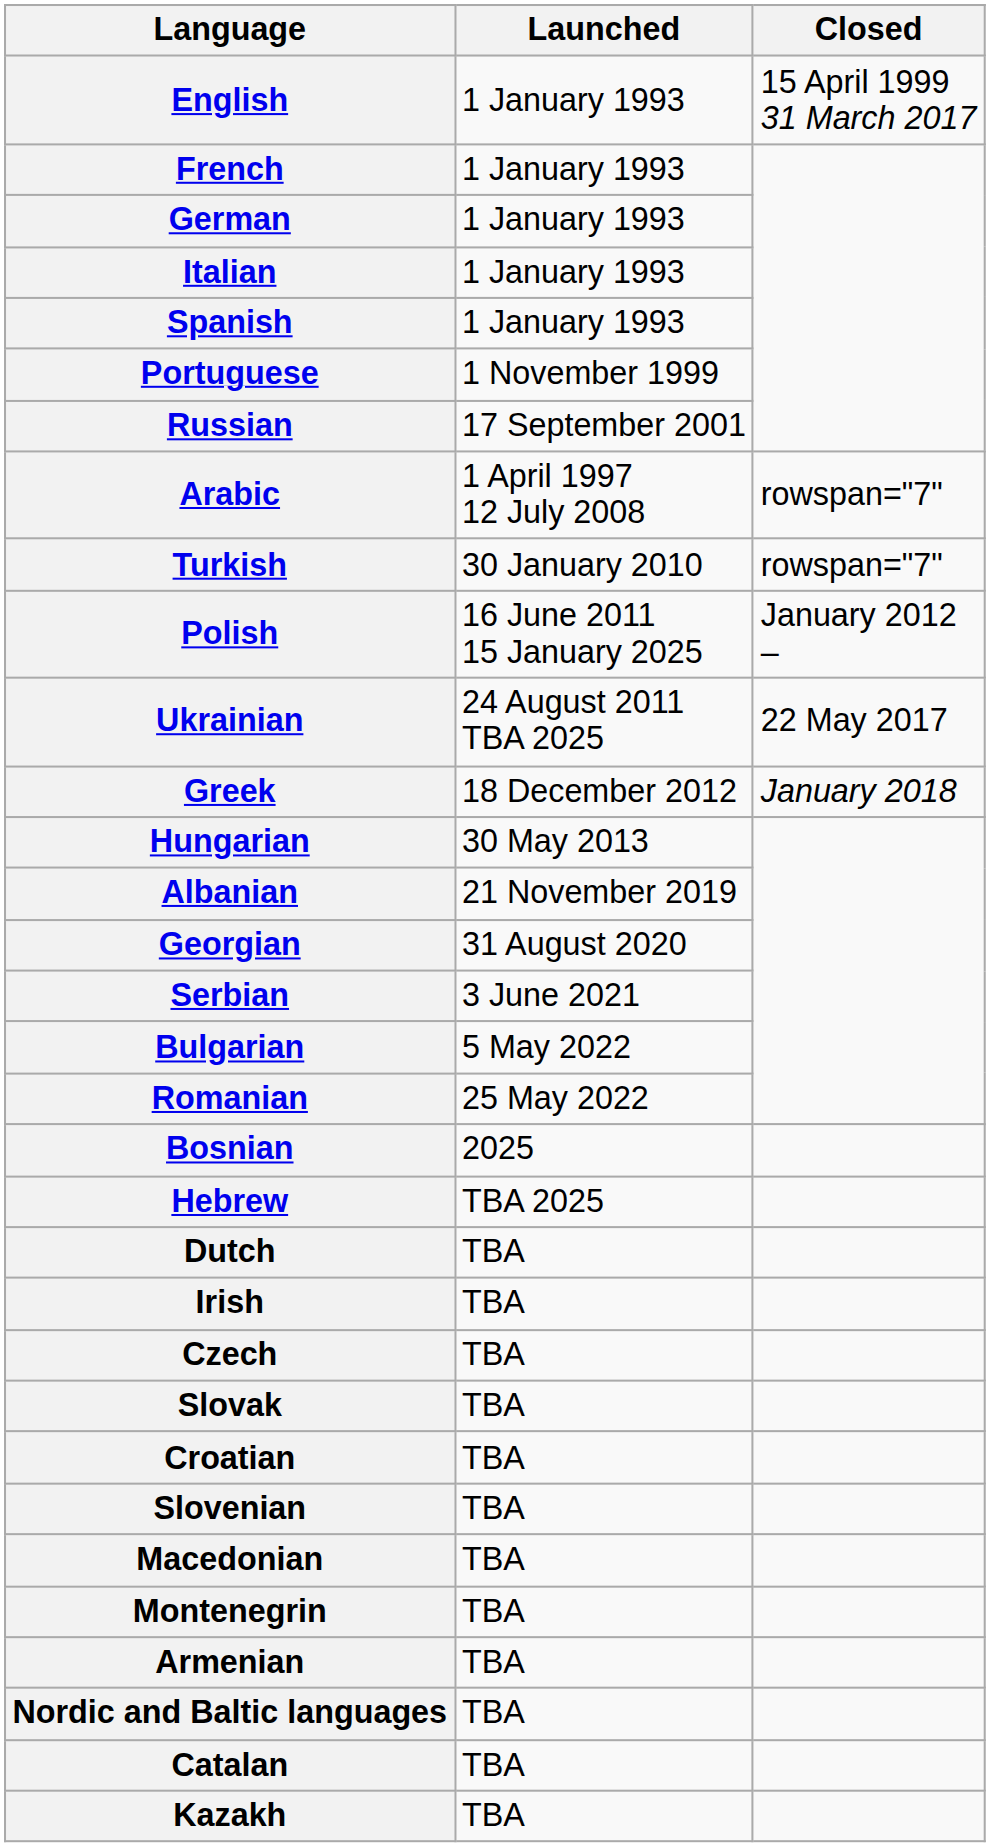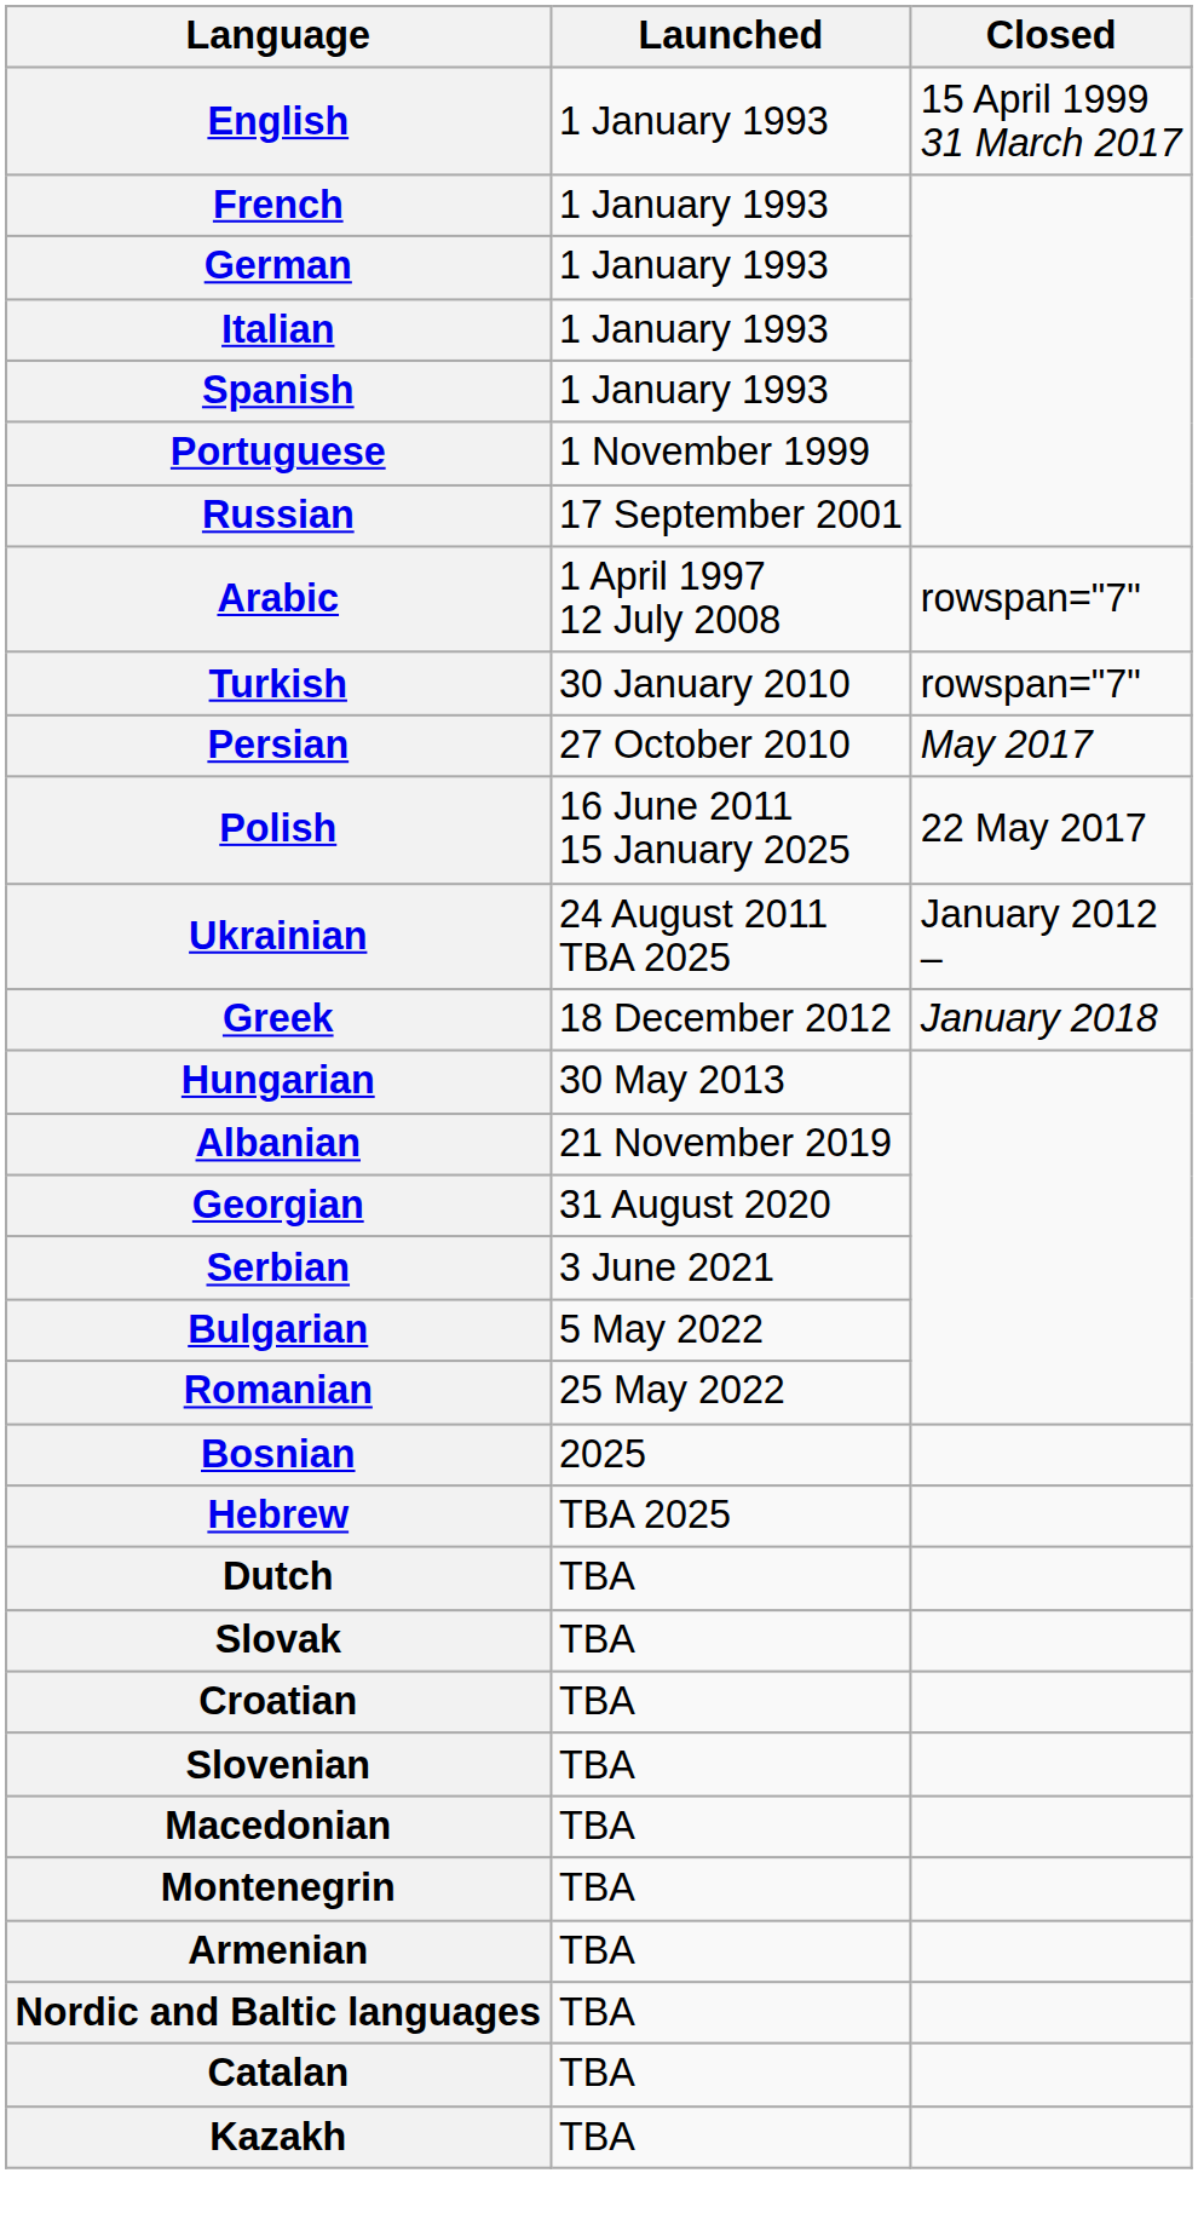 <table class="wikitable sortable">
 <tr>
 <th scope="col">Language</th>
 <th scope="col">Launched</th>
 <th scope="col">Closed</th>
 </tr>
 <tr>
 <th scope="row"><a href='#'>English</a></th>
 <td>1 January 1993</td>
 <td>15 April 1999<br><em>31 March 2017</em></td>
 </tr>
 <tr>
 <th scope="row"><a href='#'>French</a></th>
 <td>1 January 1993</td>
 </tr>
 <tr>
 <th scope="row"><a href='#'>German</a></th>
 <td>1 January 1993</td>
 </tr>
 <tr>
 <th scope="row"><a href='#'>Italian</a></th>
 <td>1 January 1993</td>
 </tr>
 <tr>
 <th scope="row"><a href='#'>Spanish</a></th>
 <td>1 January 1993</td>
 </tr>
 <tr>
 <th scope="row"><a href='#'>Portuguese</a></th>
 <td>1 November 1999</td>
 </tr>
 <tr>
 <th scope="row"><a href='#'>Russian</a></th>
 <td>17 September 2001</td>
 </tr>
 <tr>
 <th scope="row"><a href='#'>Arabic</a></th>
 <td>1 April 1997<br>12 July 2008</td>
 <td>rowspan="7" </td>
 </tr>
 <tr>
 <th scope="row"><a href='#'>Turkish</a></th>
 <td>30 January 2010</td>
 <td>rowspan="7" </td>
 </tr>
 <tr>
+<th scope="row"><a href='#'>Persian</a></th>
+<td>27 October 2010</td>
+<td><em>May 2017</em></td>
+</tr>
+<tr>
 <th scope="row"><a href='#'>Polish</a></th>
 <td>16 June 2011<br>15 January 2025</td>
-<td>January 2012<br>–</td>
+<td>22 May 2017</td>
 </tr>
 <tr>
 <th scope="row"><a href='#'>Ukrainian</a></th>
 <td>24 August 2011<br>TBA 2025</td>
-<td>22 May 2017</td>
+<td>January 2012<br>–</td>
 </tr>
 <tr>
 <th scope="row"><a href='#'>Greek</a></th>
 <td>18 December 2012</td>
 <td><em>January 2018</em></td>
 </tr>
 <tr>
 <th scope="row"><a href='#'>Hungarian</a></th>
 <td>30 May 2013</td>
 </tr>
 <tr>
 <th scope="row"><a href='#'>Albanian</a></th>
 <td>21 November 2019</td>
 </tr>
 <tr>
 <th scope="row"><a href='#'>Georgian</a></th>
 <td>31 August 2020</td>
 </tr>
 <tr>
 <th scope="row"><a href='#'>Serbian</a></th>
 <td>3 June 2021</td>
 </tr>
 <tr>
 <th scope="row"><a href='#'>Bulgarian</a></th>
 <td>5 May 2022</td>
 </tr>
 <tr>
 <th scope="row"><a href='#'>Romanian</a></th>
 <td>25 May 2022</td>
 </tr>
 <tr>
 <th><a href='#'>Bosnian</a></th>
 <td>2025</td>
 <td></td>
 </tr>
 <tr>
 <th><a href='#'>Hebrew</a></th>
 <td>TBA 2025</td>
 <td></td>
 </tr>
 <tr>
 <th>Dutch</th>
-<td>TBA</td>
-<td></td>
-</tr>
-<tr>
-<th>Irish</th>
-<td>TBA</td>
-<td></td>
-</tr>
-<tr>
-<th>Czech</th>
 <td>TBA</td>
 <td></td>
 </tr>
 <tr>
 <th>Slovak</th>
 <td>TBA</td>
 <td></td>
 </tr>
 <tr>
 <th>Croatian</th>
 <td>TBA</td>
 <td></td>
 </tr>
 <tr>
 <th>Slovenian</th>
 <td>TBA</td>
 <td></td>
 </tr>
 <tr>
 <th>Macedonian</th>
 <td>TBA</td>
 <td></td>
 </tr>
 <tr>
 <th>Montenegrin</th>
 <td>TBA</td>
 <td></td>
 </tr>
 <tr>
 <th>Armenian</th>
 <td>TBA</td>
 <td></td>
 </tr>
 <tr>
 <th>Nordic and Baltic languages</th>
 <td>TBA</td>
 <td></td>
 </tr>
 <tr>
 <th>Catalan</th>
 <td>TBA</td>
 <td></td>
 </tr>
 <tr>
 <th>Kazakh</th>
 <td>TBA</td>
 <td></td>
 </tr>
 </table>
